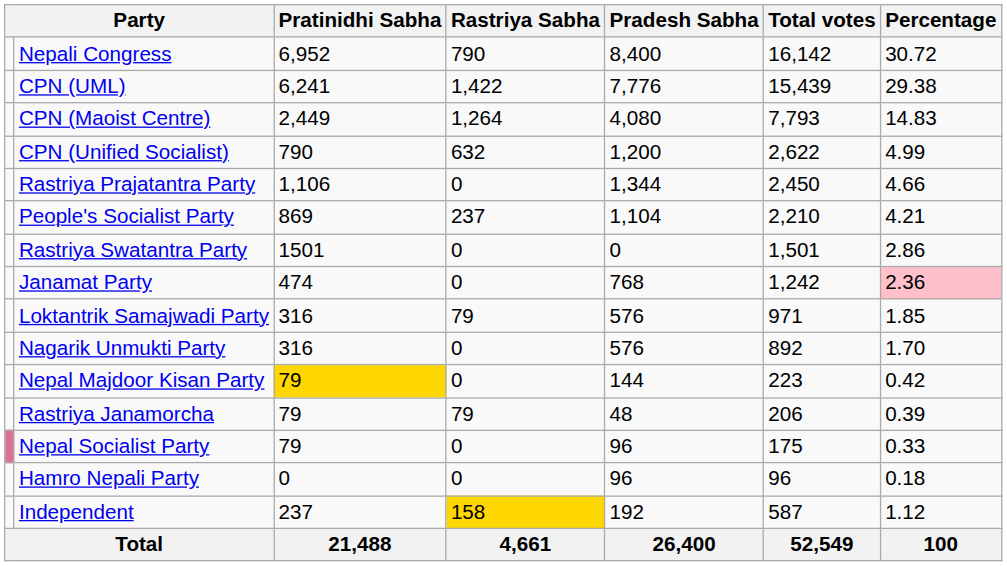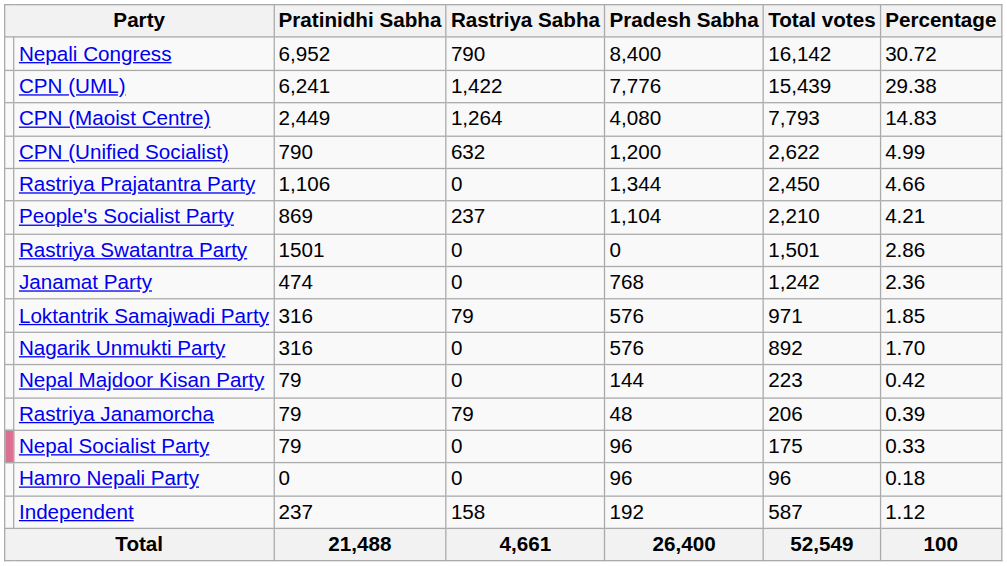 <table class="wikitable">
 <tr>
 <th colspan="2">Party</th>
 <th>Pratinidhi Sabha</th>
 <th>Rastriya Sabha</th>
 <th>Pradesh Sabha</th>
 <th>Total votes</th>
 <th>Percentage</th>
 </tr>
 <tr>
 <td><br></td>
 <td><a href='#'>Nepali Congress</a></td>
 <td>6,952</td>
 <td>790</td>
 <td>8,400</td>
 <td>16,142</td>
 <td>30.72</td>
 </tr>
 <tr>
 <td><br></td>
 <td><a href='#'>CPN (UML)</a></td>
 <td>6,241</td>
 <td>1,422</td>
 <td>7,776</td>
 <td>15,439</td>
 <td>29.38</td>
 </tr>
 <tr>
 <td><br></td>
 <td><a href='#'>CPN (Maoist Centre)</a></td>
 <td>2,449</td>
 <td>1,264</td>
 <td>4,080</td>
 <td>7,793</td>
 <td>14.83</td>
 </tr>
 <tr>
 <td><br></td>
 <td><a href='#'>CPN (Unified Socialist)</a></td>
 <td>790</td>
 <td>632</td>
 <td>1,200</td>
 <td>2,622</td>
 <td>4.99</td>
 </tr>
 <tr>
 <td><br></td>
 <td><a href='#'>Rastriya Prajatantra Party</a></td>
 <td>1,106</td>
 <td>0</td>
 <td>1,344</td>
 <td>2,450</td>
 <td>4.66</td>
 </tr>
 <tr>
 <td><br></td>
 <td><a href='#'>People's Socialist Party</a></td>
 <td>869</td>
 <td>237</td>
 <td>1,104</td>
 <td>2,210</td>
 <td>4.21</td>
 </tr>
 <tr>
 <td><br></td>
 <td><a href='#'>Rastriya Swatantra Party</a></td>
 <td>1501</td>
 <td>0</td>
 <td>0</td>
 <td>1,501</td>
 <td>2.86</td>
 </tr>
 <tr>
 <td><br></td>
 <td><a href='#'>Janamat Party</a></td>
 <td>474</td>
 <td>0</td>
 <td>768</td>
 <td>1,242</td>
-<td style="background: pink;">2.36</td>
+<td>2.36</td>
 </tr>
 <tr>
 <td><br></td>
 <td><a href='#'>Loktantrik Samajwadi Party</a></td>
 <td>316</td>
 <td>79</td>
 <td>576</td>
 <td>971</td>
 <td>1.85</td>
 </tr>
 <tr>
 <td><br></td>
 <td><a href='#'>Nagarik Unmukti Party</a></td>
 <td>316</td>
 <td>0</td>
 <td>576</td>
 <td>892</td>
 <td>1.70</td>
 </tr>
 <tr>
 <td><br></td>
 <td><a href='#'>Nepal Majdoor Kisan Party</a></td>
-<td style="background: gold;">79</td>
+<td>79</td>
 <td>0</td>
 <td>144</td>
 <td>223</td>
 <td>0.42</td>
 </tr>
 <tr>
 <td><br></td>
 <td><a href='#'>Rastriya Janamorcha</a></td>
 <td>79</td>
 <td>79</td>
 <td>48</td>
 <td>206</td>
 <td>0.39</td>
 </tr>
 <tr>
 <td bgcolor="palevioletred"></td>
 <td><a href='#'>Nepal Socialist Party</a></td>
 <td>79</td>
 <td>0</td>
 <td>96</td>
 <td>175</td>
 <td>0.33</td>
 </tr>
 <tr>
 <td><br></td>
 <td><a href='#'>Hamro Nepali Party</a></td>
 <td>0</td>
 <td>0</td>
 <td>96</td>
 <td>96</td>
 <td>0.18</td>
 </tr>
 <tr>
 <td><br></td>
 <td><a href='#'>Independent</a></td>
 <td>237</td>
-<td style="background: gold;">158</td>
+<td>158</td>
 <td>192</td>
 <td>587</td>
 <td>1.12</td>
 </tr>
 <tr>
 <th colspan="2">Total</th>
 <th>21,488</th>
 <th>4,661</th>
 <th>26,400</th>
 <th>52,549</th>
 <th>100</th>
 </tr>
 </table>
